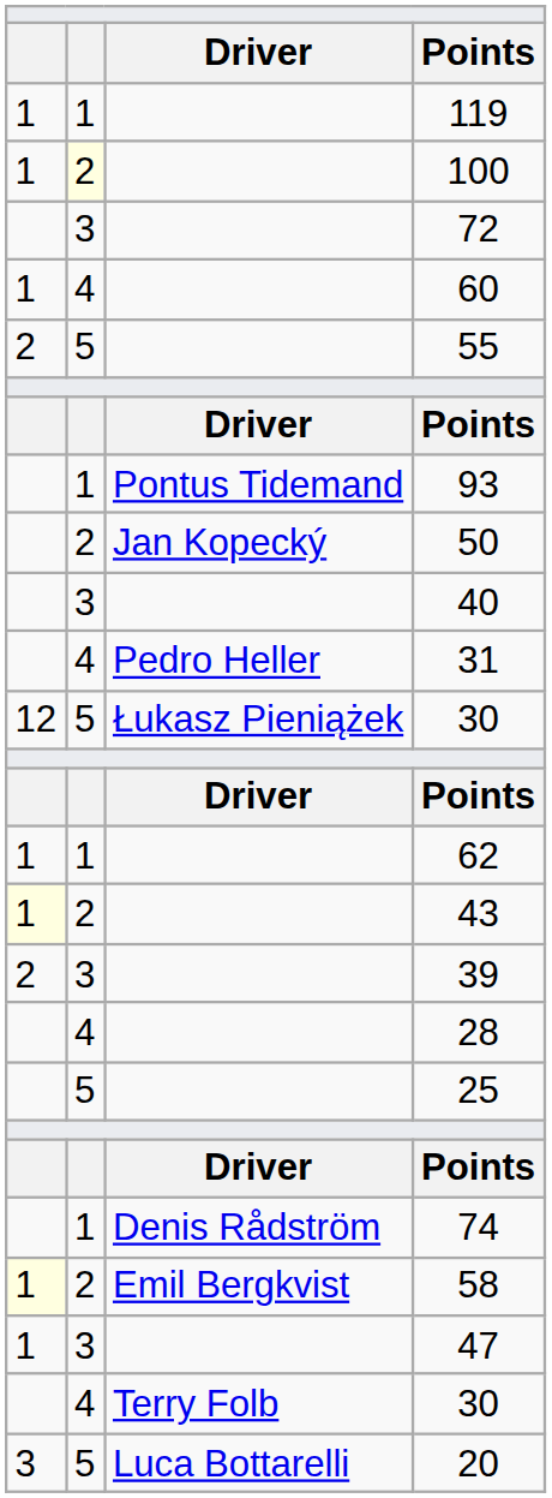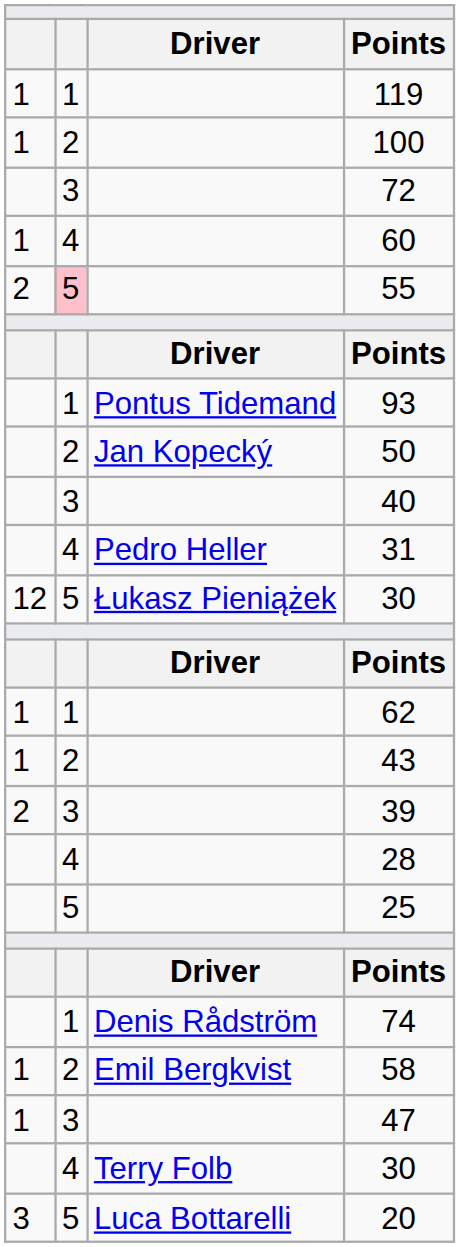 <table class="wikitable" style="font-size: 85%;">
 <tr>
 <td style="background-color:#EAECF0; text-align:center" colspan="4"></td>
 </tr>
 <tr>
 <th></th>
 <th></th>
 <th>Driver</th>
 <th>Points</th>
 </tr>
 <tr>
 <td align="left"> 1</td>
 <td align="center">1</td>
 <td></td>
 <td align="center">119</td>
 </tr>
 <tr>
 <td align="left"> 1</td>
-<td align="center" style="background: lightyellow;">2</td>
+<td align="center">2</td>
 <td></td>
 <td align="center">100</td>
 </tr>
 <tr>
 <td align="left"></td>
 <td align="center">3</td>
 <td></td>
 <td align="center">72</td>
 </tr>
 <tr>
 <td align="left"> 1</td>
 <td align="center">4</td>
 <td></td>
 <td align="center">60</td>
 </tr>
 <tr>
 <td align="left"> 2</td>
-<td align="center">5</td>
+<td align="center" style="background: pink;">5</td>
 <td></td>
 <td align="center">55</td>
 </tr>
 <tr>
 <td style="background-color:#EAECF0; text-align:center" colspan="4"></td>
 </tr>
 <tr>
 <th></th>
 <th></th>
 <th>Driver</th>
 <th>Points</th>
 </tr>
 <tr>
 <td align="left"></td>
 <td align="center">1</td>
 <td> <a href='#'>Pontus Tidemand</a></td>
 <td align="center">93</td>
 </tr>
 <tr>
 <td align="left"></td>
 <td align="center">2</td>
 <td> <a href='#'>Jan Kopecký</a></td>
 <td align="center">50</td>
 </tr>
 <tr>
 <td align="left"></td>
 <td align="center">3</td>
 <td></td>
 <td align="center">40</td>
 </tr>
 <tr>
 <td align="left"></td>
 <td align="center">4</td>
 <td> <a href='#'>Pedro Heller</a></td>
 <td align="center">31</td>
 </tr>
 <tr>
 <td align="left"> 12</td>
 <td align="center">5</td>
 <td> <a href='#'>Łukasz Pieniążek</a></td>
 <td align="center">30</td>
 </tr>
 <tr>
 <td style="background-color:#EAECF0; text-align:center" colspan="4"></td>
 </tr>
 <tr>
 <th></th>
 <th></th>
 <th>Driver</th>
 <th>Points</th>
 </tr>
 <tr>
 <td align="left"> 1</td>
 <td align="center">1</td>
 <td></td>
 <td align="center">62</td>
 </tr>
 <tr>
-<td align="left" style="background: lightyellow;"> 1</td>
+<td align="left"> 1</td>
 <td align="center">2</td>
 <td></td>
 <td align="center">43</td>
 </tr>
 <tr>
 <td align="left"> 2</td>
 <td align="center">3</td>
 <td></td>
 <td align="center">39</td>
 </tr>
 <tr>
 <td align="left"></td>
 <td align="center">4</td>
 <td></td>
 <td align="center">28</td>
 </tr>
 <tr>
 <td align="left"></td>
 <td align="center">5</td>
 <td></td>
 <td align="center">25</td>
 </tr>
 <tr>
 <td style="background-color:#EAECF0; text-align:center" colspan="4"></td>
 </tr>
 <tr>
 <th></th>
 <th></th>
 <th>Driver</th>
 <th>Points</th>
 </tr>
 <tr>
 <td align="left"></td>
 <td align="center">1</td>
 <td> <a href='#'>Denis Rådström</a></td>
 <td align="center">74</td>
 </tr>
 <tr>
-<td align="left" style="background: lightyellow;"> 1</td>
+<td align="left"> 1</td>
 <td align="center">2</td>
 <td> <a href='#'>Emil Bergkvist</a></td>
 <td align="center">58</td>
 </tr>
 <tr>
 <td align="left"> 1</td>
 <td align="center">3</td>
 <td></td>
 <td align="center">47</td>
 </tr>
 <tr>
 <td align="left"></td>
 <td align="center">4</td>
 <td> <a href='#'>Terry Folb</a></td>
 <td align="center">30</td>
 </tr>
 <tr>
 <td align="left"> 3</td>
 <td align="center">5</td>
 <td> <a href='#'>Luca Bottarelli</a></td>
 <td align="center">20</td>
 </tr>
 </table>
